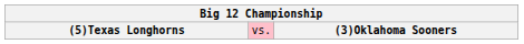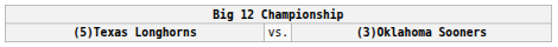 <table class="wikitable">
 <tr>
 <th style="width: 604px;" colspan=3>Big 12 Championship</th>
 </tr>
 <tr>
 <th style="width: 289px; ">(5)Texas Longhorns</th>
-<td style="background: pink; width: 25px; text-align:center">vs.</td>
+<td style="width: 25px; text-align:center">vs.</td>
 <th style="width: 289px; ">(3)Oklahoma Sooners</th>
 </tr>
 </table>
